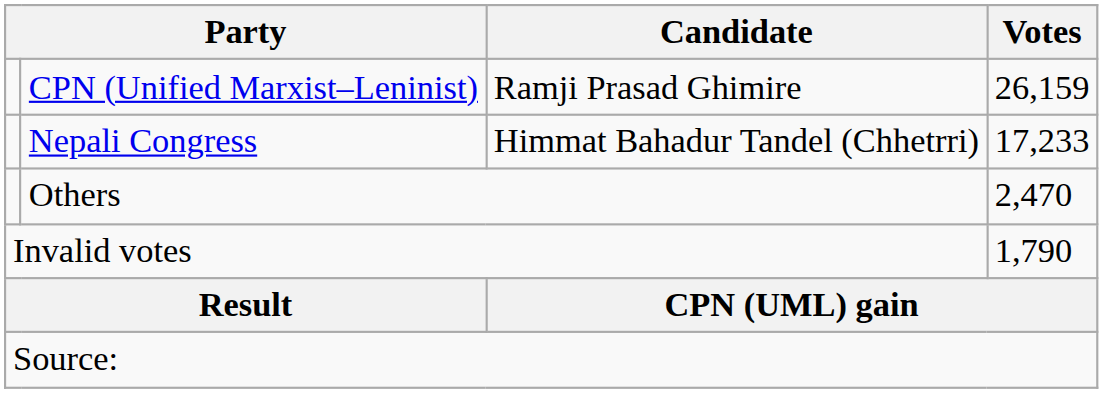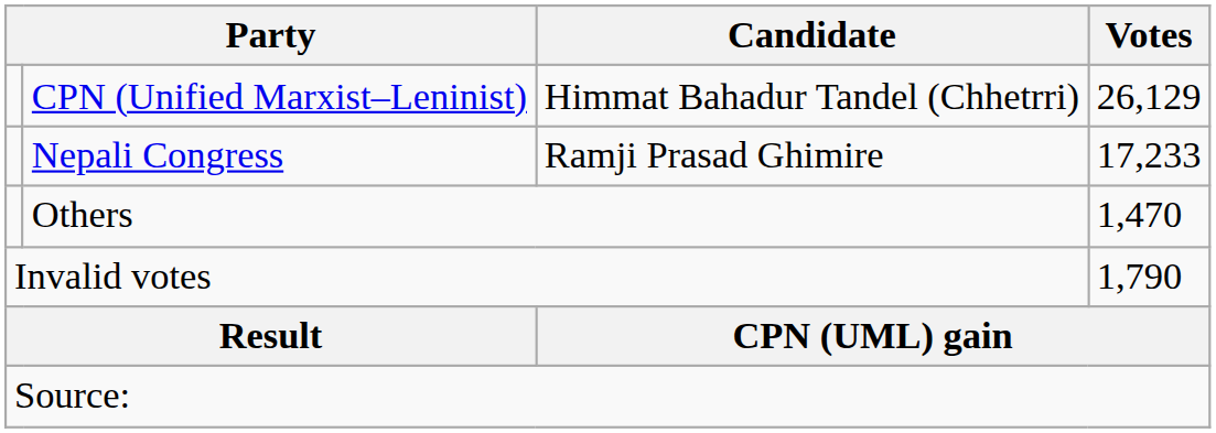 <table class="wikitable">
 <tr>
 <th colspan="2">Party</th>
 <th>Candidate</th>
 <th>Votes</th>
 </tr>
 <tr>
 <td style="background-color:"></td>
 <td><a href='#'>CPN (Unified Marxist–Leninist)</a></td>
-<td>Ramji Prasad Ghimire</td>
-<td>26,159</td>
+<td>Himmat Bahadur Tandel (Chhetrri)</td>
+<td>26,129</td>
 </tr>
 <tr>
 <td style="background-color:"></td>
 <td><a href='#'>Nepali Congress</a></td>
-<td>Himmat Bahadur Tandel (Chhetrri)</td>
+<td>Ramji Prasad Ghimire</td>
 <td>17,233</td>
 </tr>
 <tr>
 <td></td>
 <td colspan="2">Others</td>
-<td>2,470</td>
+<td>1,470</td>
 </tr>
 <tr>
 <td colspan="3">Invalid votes</td>
 <td>1,790</td>
 </tr>
 <tr>
 <th colspan="2">Result</th>
 <th colspan="2">CPN (UML) gain</th>
 </tr>
 <tr>
 <td colspan="4">Source: </td>
 </tr>
 </table>
